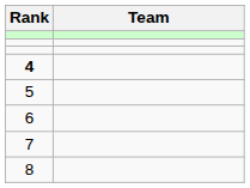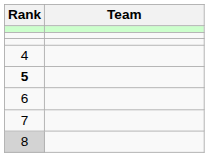 <table class="wikitable" style="text-align: center;">
 <tr>
 <th width=40>Rank</th>
 <th width=180>Team</th>
 </tr>
 <tr bgcolor=ccffcc>
 <td></td>
 <td align=left></td>
 </tr>
 <tr>
 <td></td>
 <td align=left></td>
 </tr>
 <tr>
 <td></td>
 <td align=left></td>
 </tr>
 <tr>
-<td><strong>4</strong></td>
+<td>4</td>
 <td align=left></td>
 </tr>
 <tr>
-<td>5</td>
+<td><strong>5</strong></td>
 <td align=left></td>
 </tr>
 <tr>
 <td>6</td>
 <td align=left></td>
 </tr>
 <tr>
 <td>7</td>
 <td align=left></td>
 </tr>
 <tr>
-<td>8</td>
+<td style="background: lightgrey;">8</td>
 <td align=left></td>
 </tr>
 </table>
